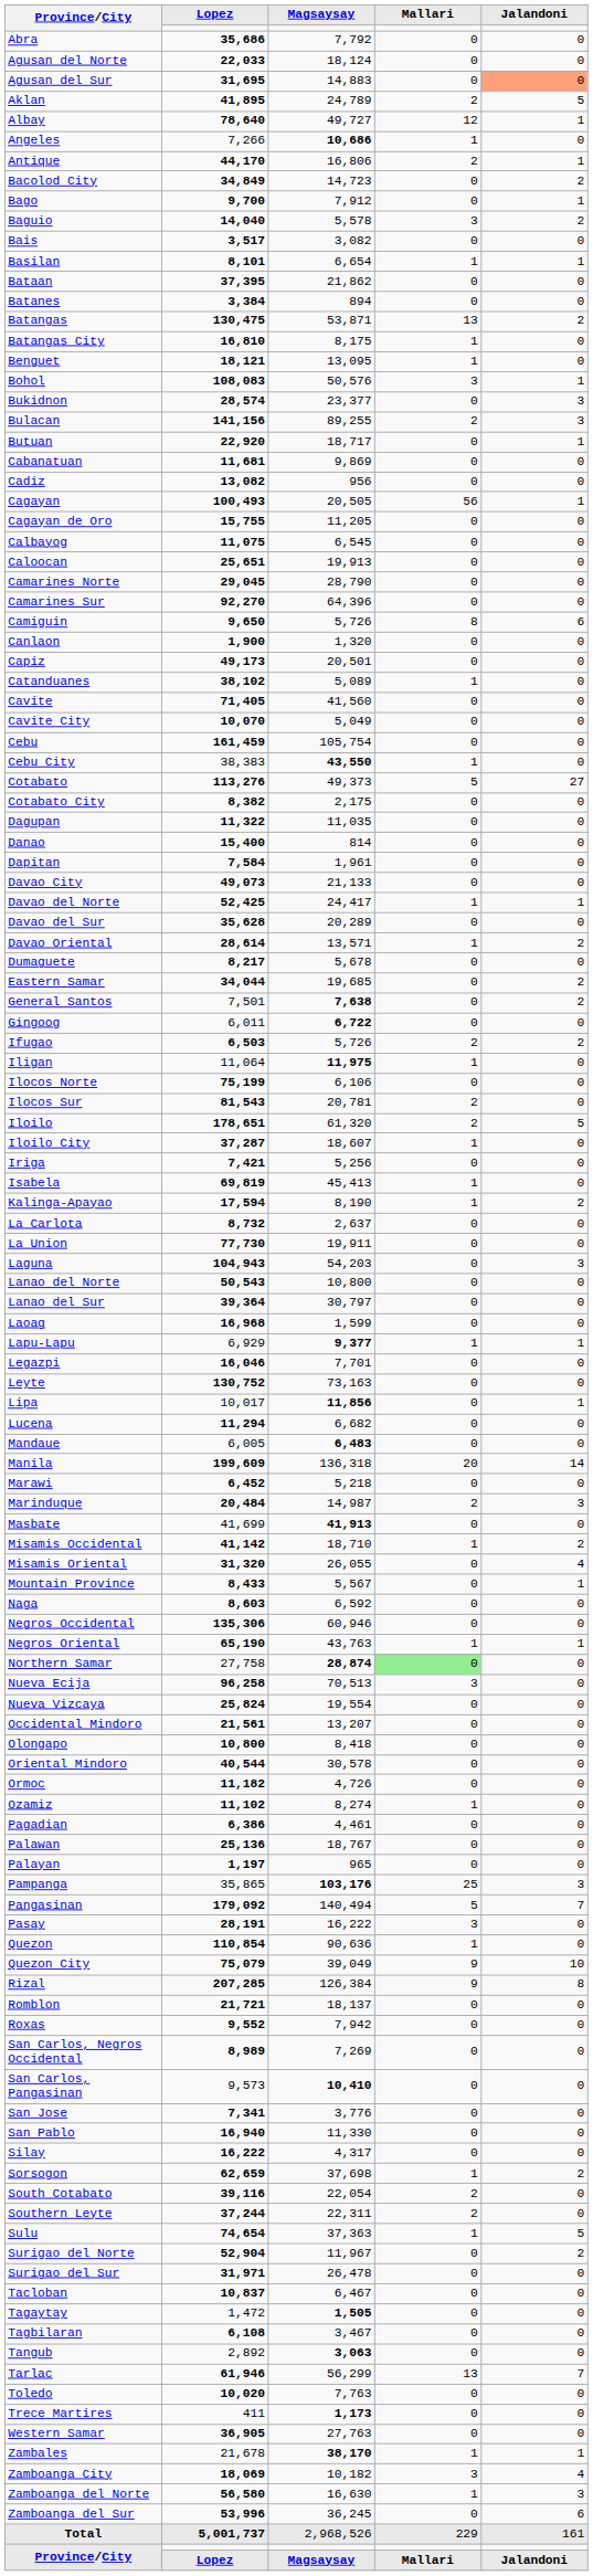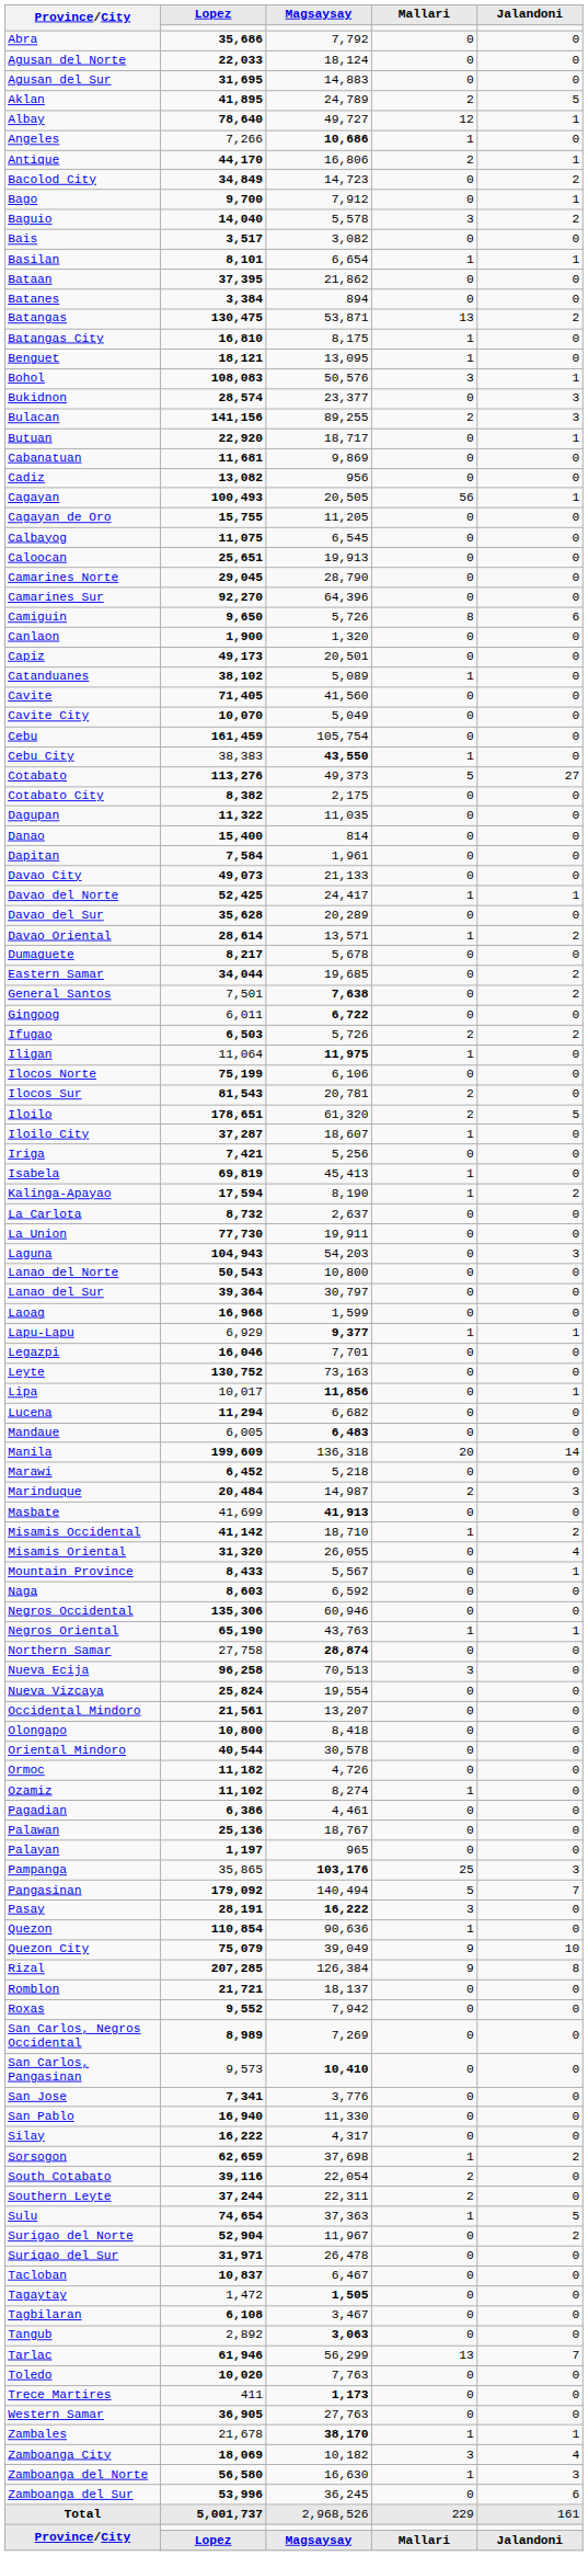 <table class="wikitable" style="text-align:right; font-size:95%">
 <tr>
 <th rowspan="2" width="150px" align="left"><a href='#'>Province</a>/<a href='#'>City</a></th>
 <th width="100px" align="center" style="background: #E9E9E9"><a href='#'>Lopez</a></th>
 <th width="100px" align="center" style="background: #E9E9E9"><a href='#'>Magsaysay</a></th>
 <th width="100px" align="center" style="background: #E9E9E9">Mallari</th>
 <th width="100px" align="center" style="background: #E9E9E9">Jalandoni</th>
 </tr>
 <tr>
 <td></td>
 <td></td>
 <td></td>
 <td></td>
 </tr>
 <tr>
 <td align="left"><a href='#'>Abra</a></td>
 <td><strong>35,686</strong></td>
 <td>7,792</td>
 <td>0</td>
 <td>0</td>
 </tr>
 <tr>
 <td align="left"><a href='#'>Agusan del Norte</a></td>
 <td><strong>22,033</strong></td>
 <td>18,124</td>
 <td>0</td>
 <td>0</td>
 </tr>
 <tr>
 <td align="left"><a href='#'>Agusan del Sur</a></td>
 <td><strong>31,695</strong></td>
 <td>14,883</td>
 <td>0</td>
-<td style="background: lightsalmon;">0</td>
+<td>0</td>
 </tr>
 <tr>
 <td align="left"><a href='#'>Aklan</a></td>
 <td><strong>41,895</strong></td>
 <td>24,789</td>
 <td>2</td>
 <td>5</td>
 </tr>
 <tr>
 <td align="left"><a href='#'>Albay</a></td>
 <td><strong>78,640</strong></td>
 <td>49,727</td>
 <td>12</td>
 <td>1</td>
 </tr>
 <tr>
 <td align="left"><a href='#'>Angeles</a></td>
 <td>7,266</td>
 <td><strong>10,686</strong></td>
 <td>1</td>
 <td>0</td>
 </tr>
 <tr>
 <td align="left"><a href='#'>Antique</a></td>
 <td><strong>44,170</strong></td>
 <td>16,806</td>
 <td>2</td>
 <td>1</td>
 </tr>
 <tr>
 <td align="left"><a href='#'>Bacolod City</a></td>
 <td><strong>34,849</strong></td>
 <td>14,723</td>
 <td>0</td>
 <td>2</td>
 </tr>
 <tr>
 <td align="left"><a href='#'>Bago</a></td>
 <td><strong>9,700</strong></td>
 <td>7,912</td>
 <td>0</td>
 <td>1</td>
 </tr>
 <tr>
 <td align="left"><a href='#'>Baguio</a></td>
 <td><strong>14,040</strong></td>
 <td>5,578</td>
 <td>3</td>
 <td>2</td>
 </tr>
 <tr>
 <td align="left"><a href='#'>Bais</a></td>
 <td><strong>3,517</strong></td>
 <td>3,082</td>
 <td>0</td>
 <td>0</td>
 </tr>
 <tr>
 <td align="left"><a href='#'>Basilan</a></td>
 <td><strong>8,101</strong></td>
 <td>6,654</td>
 <td>1</td>
 <td>1</td>
 </tr>
 <tr>
 <td align="left"><a href='#'>Bataan</a></td>
 <td><strong>37,395</strong></td>
 <td>21,862</td>
 <td>0</td>
 <td>0</td>
 </tr>
 <tr>
 <td align="left"><a href='#'>Batanes</a></td>
 <td><strong>3,384</strong></td>
 <td>894</td>
 <td>0</td>
 <td>0</td>
 </tr>
 <tr>
 <td align="left"><a href='#'>Batangas</a></td>
 <td><strong>130,475</strong></td>
 <td>53,871</td>
 <td>13</td>
 <td>2</td>
 </tr>
 <tr>
 <td align="left"><a href='#'>Batangas City</a></td>
 <td><strong>16,810</strong></td>
 <td>8,175</td>
 <td>1</td>
 <td>0</td>
 </tr>
 <tr>
 <td align="left"><a href='#'>Benguet</a></td>
 <td><strong>18,121</strong></td>
 <td>13,095</td>
 <td>1</td>
 <td>0</td>
 </tr>
 <tr>
 <td align="left"><a href='#'>Bohol</a></td>
 <td><strong>108,083</strong></td>
 <td>50,576</td>
 <td>3</td>
 <td>1</td>
 </tr>
 <tr>
 <td align="left"><a href='#'>Bukidnon</a></td>
 <td><strong>28,574</strong></td>
 <td>23,377</td>
 <td>0</td>
 <td>3</td>
 </tr>
 <tr>
 <td align="left"><a href='#'>Bulacan</a></td>
 <td><strong>141,156</strong></td>
 <td>89,255</td>
 <td>2</td>
 <td>3</td>
 </tr>
 <tr>
 <td align="left"><a href='#'>Butuan</a></td>
 <td><strong>22,920</strong></td>
 <td>18,717</td>
 <td>0</td>
 <td>1</td>
 </tr>
 <tr>
 <td align="left"><a href='#'>Cabanatuan</a></td>
 <td><strong>11,681</strong></td>
 <td>9,869</td>
 <td>0</td>
 <td>0</td>
 </tr>
 <tr>
 <td align="left"><a href='#'>Cadiz</a></td>
 <td><strong>13,082</strong></td>
 <td>956</td>
 <td>0</td>
 <td>0</td>
 </tr>
 <tr>
 <td align="left"><a href='#'>Cagayan</a></td>
 <td><strong>100,493</strong></td>
 <td>20,505</td>
 <td>56</td>
 <td>1</td>
 </tr>
 <tr>
 <td align="left"><a href='#'>Cagayan de Oro</a></td>
 <td><strong>15,755</strong></td>
 <td>11,205</td>
 <td>0</td>
 <td>0</td>
 </tr>
 <tr>
 <td align="left"><a href='#'>Calbayog</a></td>
 <td><strong>11,075</strong></td>
 <td>6,545</td>
 <td>0</td>
 <td>0</td>
 </tr>
 <tr>
 <td align="left"><a href='#'>Caloocan</a></td>
 <td><strong>25,651</strong></td>
 <td>19,913</td>
 <td>0</td>
 <td>0</td>
 </tr>
 <tr>
 <td align="left"><a href='#'>Camarines Norte</a></td>
 <td><strong>29,045</strong></td>
 <td>28,790</td>
 <td>0</td>
 <td>0</td>
 </tr>
 <tr>
 <td align="left"><a href='#'>Camarines Sur</a></td>
 <td><strong>92,270</strong></td>
 <td>64,396</td>
 <td>0</td>
 <td>0</td>
 </tr>
 <tr>
 <td align="left"><a href='#'>Camiguin</a></td>
 <td><strong>9,650</strong></td>
 <td>5,726</td>
 <td>8</td>
 <td>6</td>
 </tr>
 <tr>
 <td align="left"><a href='#'>Canlaon</a></td>
 <td><strong>1,900</strong></td>
 <td>1,320</td>
 <td>0</td>
 <td>0</td>
 </tr>
 <tr>
 <td align="left"><a href='#'>Capiz</a></td>
 <td><strong>49,173</strong></td>
 <td>20,501</td>
 <td>0</td>
 <td>0</td>
 </tr>
 <tr>
 <td align="left"><a href='#'>Catanduanes</a></td>
 <td><strong>38,102</strong></td>
 <td>5,089</td>
 <td>1</td>
 <td>0</td>
 </tr>
 <tr>
 <td align="left"><a href='#'>Cavite</a></td>
 <td><strong>71,405</strong></td>
 <td>41,560</td>
 <td>0</td>
 <td>0</td>
 </tr>
 <tr>
 <td align="left"><a href='#'>Cavite City</a></td>
 <td><strong>10,070</strong></td>
 <td>5,049</td>
 <td>0</td>
 <td>0</td>
 </tr>
 <tr>
 <td align="left"><a href='#'>Cebu</a></td>
 <td><strong>161,459</strong></td>
 <td>105,754</td>
 <td>0</td>
 <td>0</td>
 </tr>
 <tr>
 <td align="left"><a href='#'>Cebu City</a></td>
 <td>38,383</td>
 <td><strong>43,550</strong></td>
 <td>1</td>
 <td>0</td>
 </tr>
 <tr>
 <td align="left"><a href='#'>Cotabato</a></td>
 <td><strong>113,276</strong></td>
 <td>49,373</td>
 <td>5</td>
 <td>27</td>
 </tr>
 <tr>
 <td align="left"><a href='#'>Cotabato City</a></td>
 <td><strong>8,382</strong></td>
 <td>2,175</td>
 <td>0</td>
 <td>0</td>
 </tr>
 <tr>
 <td align="left"><a href='#'>Dagupan</a></td>
 <td><strong>11,322</strong></td>
 <td>11,035</td>
 <td>0</td>
 <td>0</td>
 </tr>
 <tr>
 <td align="left"><a href='#'>Danao</a></td>
 <td><strong>15,400</strong></td>
 <td>814</td>
 <td>0</td>
 <td>0</td>
 </tr>
 <tr>
 <td align="left"><a href='#'>Dapitan</a></td>
 <td><strong>7,584</strong></td>
 <td>1,961</td>
 <td>0</td>
 <td>0</td>
 </tr>
 <tr>
 <td align="left"><a href='#'>Davao City</a></td>
 <td><strong>49,073</strong></td>
 <td>21,133</td>
 <td>0</td>
 <td>0</td>
 </tr>
 <tr>
 <td align="left"><a href='#'>Davao del Norte</a></td>
 <td><strong>52,425</strong></td>
 <td>24,417</td>
 <td>1</td>
 <td>1</td>
 </tr>
 <tr>
 <td align="left"><a href='#'>Davao del Sur</a></td>
 <td><strong>35,628</strong></td>
 <td>20,289</td>
 <td>0</td>
 <td>0</td>
 </tr>
 <tr>
 <td align="left"><a href='#'>Davao Oriental</a></td>
 <td><strong>28,614</strong></td>
 <td>13,571</td>
 <td>1</td>
 <td>2</td>
 </tr>
 <tr>
 <td align="left"><a href='#'>Dumaguete</a></td>
 <td><strong>8,217</strong></td>
 <td>5,678</td>
 <td>0</td>
 <td>0</td>
 </tr>
 <tr>
 <td align="left"><a href='#'>Eastern Samar</a></td>
 <td><strong>34,044</strong></td>
 <td>19,685</td>
 <td>0</td>
 <td>2</td>
 </tr>
 <tr>
 <td align="left"><a href='#'>General Santos</a></td>
 <td>7,501</td>
 <td><strong>7,638</strong></td>
 <td>0</td>
 <td>2</td>
 </tr>
 <tr>
 <td align="left"><a href='#'>Gingoog</a></td>
 <td>6,011</td>
 <td><strong>6,722</strong></td>
 <td>0</td>
 <td>0</td>
 </tr>
 <tr>
 <td align="left"><a href='#'>Ifugao</a></td>
 <td><strong>6,503</strong></td>
 <td>5,726</td>
 <td>2</td>
 <td>2</td>
 </tr>
 <tr>
 <td align="left"><a href='#'>Iligan</a></td>
 <td>11,064</td>
 <td><strong>11,975</strong></td>
 <td>1</td>
 <td>0</td>
 </tr>
 <tr>
 <td align="left"><a href='#'>Ilocos Norte</a></td>
 <td><strong>75,199</strong></td>
 <td>6,106</td>
 <td>0</td>
 <td>0</td>
 </tr>
 <tr>
 <td align="left"><a href='#'>Ilocos Sur</a></td>
 <td><strong>81,543</strong></td>
 <td>20,781</td>
 <td>2</td>
 <td>0</td>
 </tr>
 <tr>
 <td align="left"><a href='#'>Iloilo</a></td>
 <td><strong>178,651</strong></td>
 <td>61,320</td>
 <td>2</td>
 <td>5</td>
 </tr>
 <tr>
 <td align="left"><a href='#'>Iloilo City</a></td>
 <td><strong>37,287</strong></td>
 <td>18,607</td>
 <td>1</td>
 <td>0</td>
 </tr>
 <tr>
 <td align="left"><a href='#'>Iriga</a></td>
 <td><strong>7,421</strong></td>
 <td>5,256</td>
 <td>0</td>
 <td>0</td>
 </tr>
 <tr>
 <td align="left"><a href='#'>Isabela</a></td>
 <td><strong>69,819</strong></td>
 <td>45,413</td>
 <td>1</td>
 <td>0</td>
 </tr>
 <tr>
 <td align="left"><a href='#'>Kalinga-Apayao</a></td>
 <td><strong>17,594</strong></td>
 <td>8,190</td>
 <td>1</td>
 <td>2</td>
 </tr>
 <tr>
 <td align="left"><a href='#'>La Carlota</a></td>
 <td><strong>8,732</strong></td>
 <td>2,637</td>
 <td>0</td>
 <td>0</td>
 </tr>
 <tr>
 <td align="left"><a href='#'>La Union</a></td>
 <td><strong>77,730</strong></td>
 <td>19,911</td>
 <td>0</td>
 <td>0</td>
 </tr>
 <tr>
 <td align="left"><a href='#'>Laguna</a></td>
 <td><strong>104,943</strong></td>
 <td>54,203</td>
 <td>0</td>
 <td>3</td>
 </tr>
 <tr>
 <td align="left"><a href='#'>Lanao del Norte</a></td>
 <td><strong>50,543</strong></td>
 <td>10,800</td>
 <td>0</td>
 <td>0</td>
 </tr>
 <tr>
 <td align="left"><a href='#'>Lanao del Sur</a></td>
 <td><strong>39,364</strong></td>
 <td>30,797</td>
 <td>0</td>
 <td>0</td>
 </tr>
 <tr>
 <td align="left"><a href='#'>Laoag</a></td>
 <td><strong>16,968</strong></td>
 <td>1,599</td>
 <td>0</td>
 <td>0</td>
 </tr>
 <tr>
 <td align="left"><a href='#'>Lapu-Lapu</a></td>
 <td>6,929</td>
 <td><strong>9,377</strong></td>
 <td>1</td>
 <td>1</td>
 </tr>
 <tr>
 <td align="left"><a href='#'>Legazpi</a></td>
 <td><strong>16,046</strong></td>
 <td>7,701</td>
 <td>0</td>
 <td>0</td>
 </tr>
 <tr>
 <td align="left"><a href='#'>Leyte</a></td>
 <td><strong>130,752</strong></td>
 <td>73,163</td>
 <td>0</td>
 <td>0</td>
 </tr>
 <tr>
 <td align="left"><a href='#'>Lipa</a></td>
 <td>10,017</td>
 <td><strong>11,856</strong></td>
 <td>0</td>
 <td>1</td>
 </tr>
 <tr>
 <td align="left"><a href='#'>Lucena</a></td>
 <td><strong>11,294</strong></td>
 <td>6,682</td>
 <td>0</td>
 <td>0</td>
 </tr>
 <tr>
 <td align="left"><a href='#'>Mandaue</a></td>
 <td>6,005</td>
 <td><strong>6,483</strong></td>
 <td>0</td>
 <td>0</td>
 </tr>
 <tr>
 <td align="left"><a href='#'>Manila</a></td>
 <td><strong>199,609</strong></td>
 <td>136,318</td>
 <td>20</td>
 <td>14</td>
 </tr>
 <tr>
 <td align="left"><a href='#'>Marawi</a></td>
 <td><strong>6,452</strong></td>
 <td>5,218</td>
 <td>0</td>
 <td>0</td>
 </tr>
 <tr>
 <td align="left"><a href='#'>Marinduque</a></td>
 <td><strong>20,484</strong></td>
 <td>14,987</td>
 <td>2</td>
 <td>3</td>
 </tr>
 <tr>
 <td align="left"><a href='#'>Masbate</a></td>
 <td>41,699</td>
 <td><strong>41,913</strong></td>
 <td>0</td>
 <td>0</td>
 </tr>
 <tr>
 <td align="left"><a href='#'>Misamis Occidental</a></td>
 <td><strong>41,142</strong></td>
 <td>18,710</td>
 <td>1</td>
 <td>2</td>
 </tr>
 <tr>
 <td align="left"><a href='#'>Misamis Oriental</a></td>
 <td><strong>31,320</strong></td>
 <td>26,055</td>
 <td>0</td>
 <td>4</td>
 </tr>
 <tr>
 <td align="left"><a href='#'>Mountain Province</a></td>
 <td><strong>8,433</strong></td>
 <td>5,567</td>
 <td>0</td>
 <td>1</td>
 </tr>
 <tr>
 <td align="left"><a href='#'>Naga</a></td>
 <td><strong>8,603</strong></td>
 <td>6,592</td>
 <td>0</td>
 <td>0</td>
 </tr>
 <tr>
 <td align="left"><a href='#'>Negros Occidental</a></td>
 <td><strong>135,306</strong></td>
 <td>60,946</td>
 <td>0</td>
 <td>0</td>
 </tr>
 <tr>
 <td align="left"><a href='#'>Negros Oriental</a></td>
 <td><strong>65,190</strong></td>
 <td>43,763</td>
 <td>1</td>
 <td>1</td>
 </tr>
 <tr>
 <td align="left"><a href='#'>Northern Samar</a></td>
 <td>27,758</td>
 <td><strong>28,874</strong></td>
-<td style="background: lightgreen;">0</td>
+<td>0</td>
 <td>0</td>
 </tr>
 <tr>
 <td align="left"><a href='#'>Nueva Ecija</a></td>
 <td><strong>96,258</strong></td>
 <td>70,513</td>
 <td>3</td>
 <td>0</td>
 </tr>
 <tr>
 <td align="left"><a href='#'>Nueva Vizcaya</a></td>
 <td><strong>25,824</strong></td>
 <td>19,554</td>
 <td>0</td>
 <td>0</td>
 </tr>
 <tr>
 <td align="left"><a href='#'>Occidental Mindoro</a></td>
 <td><strong>21,561</strong></td>
 <td>13,207</td>
 <td>0</td>
 <td>0</td>
 </tr>
 <tr>
 <td align="left"><a href='#'>Olongapo</a></td>
 <td><strong>10,800</strong></td>
 <td>8,418</td>
 <td>0</td>
 <td>0</td>
 </tr>
 <tr>
 <td align="left"><a href='#'>Oriental Mindoro</a></td>
 <td><strong>40,544</strong></td>
 <td>30,578</td>
 <td>0</td>
 <td>0</td>
 </tr>
 <tr>
 <td align="left"><a href='#'>Ormoc</a></td>
 <td><strong>11,182</strong></td>
 <td>4,726</td>
 <td>0</td>
 <td>0</td>
 </tr>
 <tr>
 <td align="left"><a href='#'>Ozamiz</a></td>
 <td><strong>11,102</strong></td>
 <td>8,274</td>
 <td>1</td>
 <td>0</td>
 </tr>
 <tr>
 <td align="left"><a href='#'>Pagadian</a></td>
 <td><strong>6,386</strong></td>
 <td>4,461</td>
 <td>0</td>
 <td>0</td>
 </tr>
 <tr>
 <td align="left"><a href='#'>Palawan</a></td>
 <td><strong>25,136</strong></td>
 <td>18,767</td>
 <td>0</td>
 <td>0</td>
 </tr>
 <tr>
 <td align="left"><a href='#'>Palayan</a></td>
 <td><strong>1,197</strong></td>
 <td>965</td>
 <td>0</td>
 <td>0</td>
 </tr>
 <tr>
 <td align="left"><a href='#'>Pampanga</a></td>
 <td>35,865</td>
 <td><strong>103,176</strong></td>
 <td>25</td>
 <td>3</td>
 </tr>
 <tr>
 <td align="left"><a href='#'>Pangasinan</a></td>
 <td><strong>179,092</strong></td>
 <td>140,494</td>
 <td>5</td>
 <td>7</td>
 </tr>
 <tr>
 <td align="left"><a href='#'>Pasay</a></td>
 <td><strong>28,191</strong></td>
-<td>16,222</td>
+<td><strong>16,222</strong></td>
 <td>3</td>
 <td>0</td>
 </tr>
 <tr>
 <td align="left"><a href='#'>Quezon</a></td>
 <td><strong>110,854</strong></td>
 <td>90,636</td>
 <td>1</td>
 <td>0</td>
 </tr>
 <tr>
 <td align="left"><a href='#'>Quezon City</a></td>
 <td><strong>75,079</strong></td>
 <td>39,049</td>
 <td>9</td>
 <td>10</td>
 </tr>
 <tr>
 <td align="left"><a href='#'>Rizal</a></td>
 <td><strong>207,285</strong></td>
 <td>126,384</td>
 <td>9</td>
 <td>8</td>
 </tr>
 <tr>
 <td align="left"><a href='#'>Romblon</a></td>
 <td><strong>21,721</strong></td>
 <td>18,137</td>
 <td>0</td>
 <td>0</td>
 </tr>
 <tr>
 <td align="left"><a href='#'>Roxas</a></td>
 <td><strong>9,552</strong></td>
 <td>7,942</td>
 <td>0</td>
 <td>0</td>
 </tr>
 <tr>
 <td align="left"><a href='#'>San Carlos, Negros Occidental</a></td>
 <td><strong>8,989</strong></td>
 <td>7,269</td>
 <td>0</td>
 <td>0</td>
 </tr>
 <tr>
 <td align="left"><a href='#'>San Carlos, Pangasinan</a></td>
 <td>9,573</td>
 <td><strong>10,410</strong></td>
 <td>0</td>
 <td>0</td>
 </tr>
 <tr>
 <td align="left"><a href='#'>San Jose</a></td>
 <td><strong>7,341</strong></td>
 <td>3,776</td>
 <td>0</td>
 <td>0</td>
 </tr>
 <tr>
 <td align="left"><a href='#'>San Pablo</a></td>
 <td><strong>16,940</strong></td>
 <td>11,330</td>
 <td>0</td>
 <td>0</td>
 </tr>
 <tr>
 <td align="left"><a href='#'>Silay</a></td>
 <td><strong>16,222</strong></td>
 <td>4,317</td>
 <td>0</td>
 <td>0</td>
 </tr>
 <tr>
 <td align="left"><a href='#'>Sorsogon</a></td>
 <td><strong>62,659</strong></td>
 <td>37,698</td>
 <td>1</td>
 <td>2</td>
 </tr>
 <tr>
 <td align="left"><a href='#'>South Cotabato</a></td>
 <td><strong>39,116</strong></td>
 <td>22,054</td>
 <td>2</td>
 <td>0</td>
 </tr>
 <tr>
 <td align="left"><a href='#'>Southern Leyte</a></td>
 <td><strong>37,244</strong></td>
 <td>22,311</td>
 <td>2</td>
 <td>0</td>
 </tr>
 <tr>
 <td align="left"><a href='#'>Sulu</a></td>
 <td><strong>74,654</strong></td>
 <td>37,363</td>
 <td>1</td>
 <td>5</td>
 </tr>
 <tr>
 <td align="left"><a href='#'>Surigao del Norte</a></td>
 <td><strong>52,904</strong></td>
 <td>11,967</td>
 <td>0</td>
 <td>2</td>
 </tr>
 <tr>
 <td align="left"><a href='#'>Surigao del Sur</a></td>
 <td><strong>31,971</strong></td>
 <td>26,478</td>
 <td>0</td>
 <td>0</td>
 </tr>
 <tr>
 <td align="left"><a href='#'>Tacloban</a></td>
 <td><strong>10,837</strong></td>
 <td>6,467</td>
 <td>0</td>
 <td>0</td>
 </tr>
 <tr>
 <td align="left"><a href='#'>Tagaytay</a></td>
 <td>1,472</td>
 <td><strong>1,505</strong></td>
 <td>0</td>
 <td>0</td>
 </tr>
 <tr>
 <td align="left"><a href='#'>Tagbilaran</a></td>
 <td><strong>6,108</strong></td>
 <td>3,467</td>
 <td>0</td>
 <td>0</td>
 </tr>
 <tr>
 <td align="left"><a href='#'>Tangub</a></td>
 <td>2,892</td>
 <td><strong>3,063</strong></td>
 <td>0</td>
 <td>0</td>
 </tr>
 <tr>
 <td align="left"><a href='#'>Tarlac</a></td>
 <td><strong>61,946</strong></td>
 <td>56,299</td>
 <td>13</td>
 <td>7</td>
 </tr>
 <tr>
 <td align="left"><a href='#'>Toledo</a></td>
 <td><strong>10,020</strong></td>
 <td>7,763</td>
 <td>0</td>
 <td>0</td>
 </tr>
 <tr>
 <td align="left"><a href='#'>Trece Martires</a></td>
 <td>411</td>
 <td><strong>1,173</strong></td>
 <td>0</td>
 <td>0</td>
 </tr>
 <tr>
 <td align="left"><a href='#'>Western Samar</a></td>
 <td><strong>36,905</strong></td>
 <td>27,763</td>
 <td>0</td>
 <td>0</td>
 </tr>
 <tr>
 <td align="left"><a href='#'>Zambales</a></td>
 <td>21,678</td>
 <td><strong>38,170</strong></td>
 <td>1</td>
 <td>1</td>
 </tr>
 <tr>
 <td align="left"><a href='#'>Zamboanga City</a></td>
 <td><strong>18,069</strong></td>
 <td>10,182</td>
 <td>3</td>
 <td>4</td>
 </tr>
 <tr>
 <td align="left"><a href='#'>Zamboanga del Norte</a></td>
 <td><strong>56,580</strong></td>
 <td>16,630</td>
 <td>1</td>
 <td>3</td>
 </tr>
 <tr>
 <td align="left"><a href='#'>Zamboanga del Sur</a></td>
 <td><strong>53,996</strong></td>
 <td>36,245</td>
 <td>0</td>
 <td>6</td>
 </tr>
 <tr style="background:#E9E9E9">
 <td align="center"><strong>Total</strong></td>
 <td><strong>5,001,737</strong></td>
 <td>2,968,526</td>
 <td>229</td>
 <td>161</td>
 </tr>
 <tr>
 <th rowspan="2" width="150px" align="left" style="background: #E9E9E9"><a href='#'>Province</a>/<a href='#'>City</a></th>
 <td></td>
 <td></td>
 <td></td>
 <td></td>
 </tr>
 <tr bgcolor="#cccccc">
 <th width="100px" align="center" style="background: #E9E9E9"><a href='#'>Lopez</a></th>
 <th width="100px" align="center" style="background: #E9E9E9"><a href='#'>Magsaysay</a></th>
 <th width="100px" align="center" style="background: #E9E9E9">Mallari</th>
 <th width="100px" align="center" style="background: #E9E9E9">Jalandoni</th>
 </tr>
 </table>
